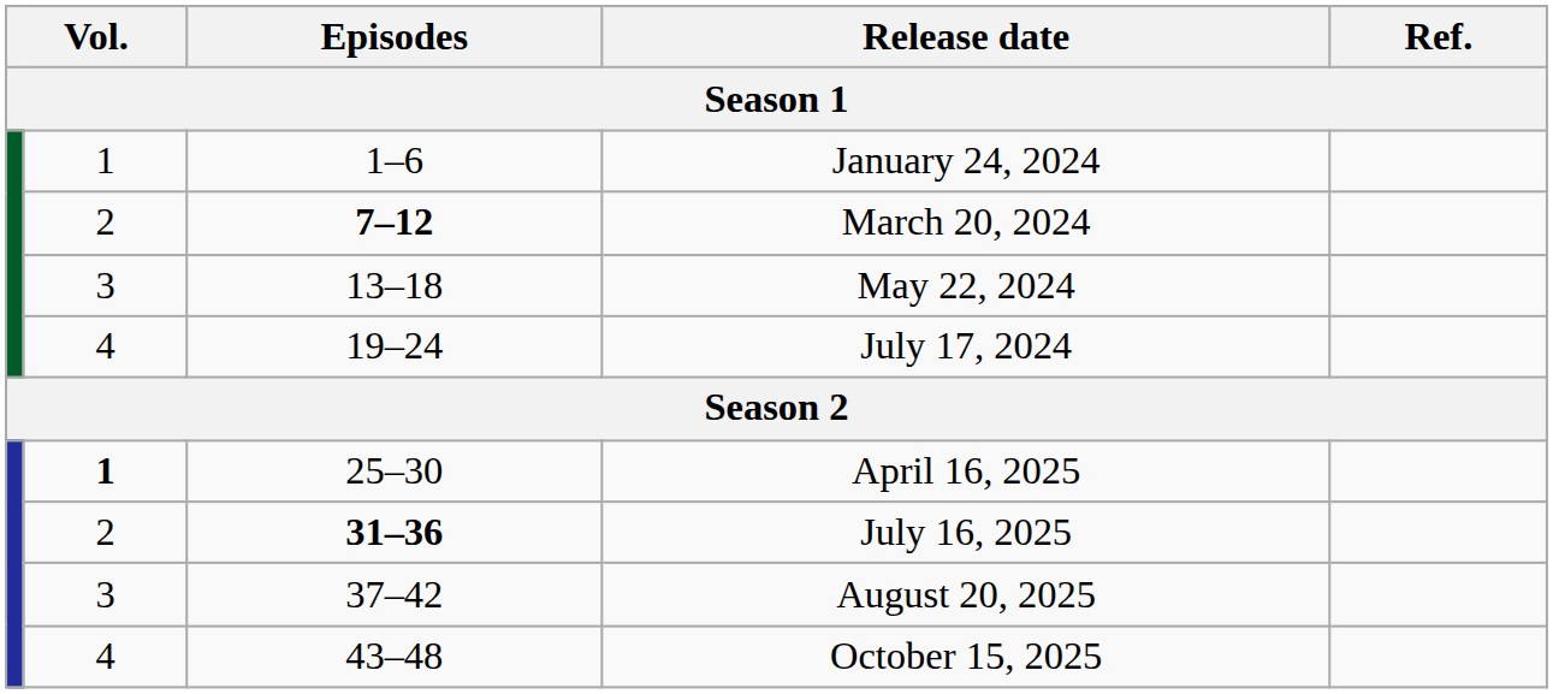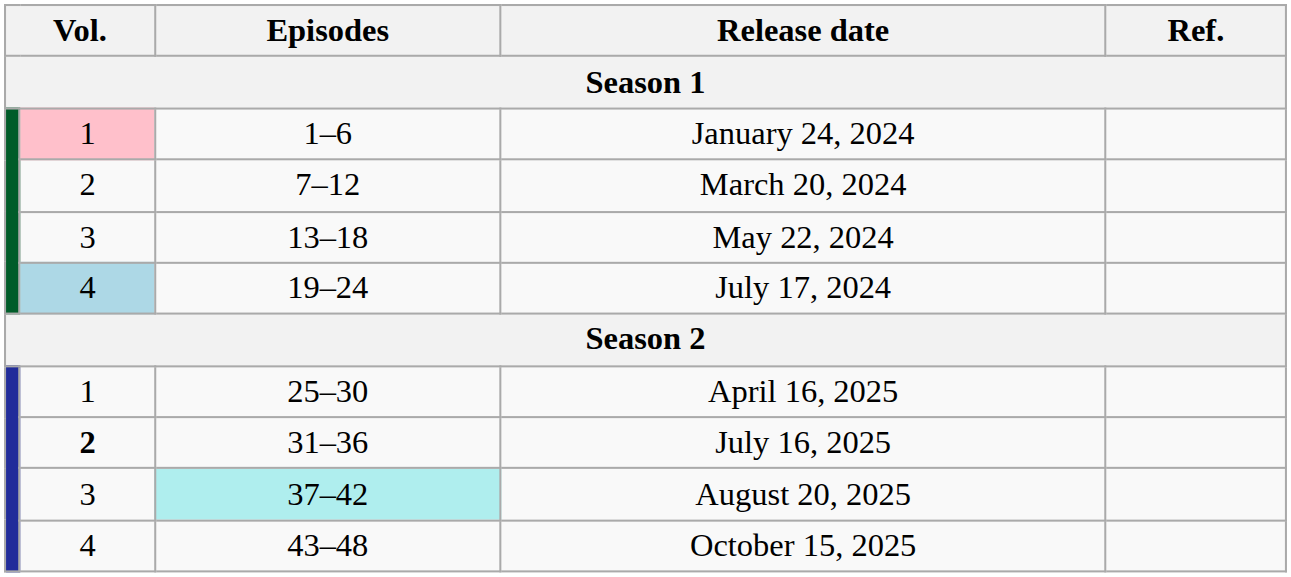 <table class="wikitable" style="text-align: center; width: 50%;">
 <tr>
 <th colspan="2">Vol.</th>
 <th>Episodes</th>
 <th>Release date</th>
 <th>Ref.</th>
 </tr>
 <tr>
 <th colspan="5">Season 1</th>
 </tr>
 <tr>
 <td rowspan="4" width="1%" style="background: #005C29;"></td>
-<td>1</td>
+<td style="background: pink;">1</td>
 <td>1–6</td>
 <td>January 24, 2024</td>
 <td></td>
 </tr>
 <tr>
 <td>2</td>
-<td><strong>7–12</strong></td>
+<td>7–12</td>
 <td>March 20, 2024</td>
 <td></td>
 </tr>
 <tr>
 <td>3</td>
 <td>13–18</td>
 <td>May 22, 2024</td>
 <td></td>
 </tr>
 <tr>
-<td>4</td>
+<td style="background: lightblue;">4</td>
 <td>19–24</td>
 <td>July 17, 2024</td>
 <td></td>
 </tr>
 <tr>
 <th colspan="5">Season 2</th>
 </tr>
 <tr>
 <td rowspan="4" width="1%" style="background: #212C9A;"></td>
-<td><strong>1</strong></td>
+<td>1</td>
 <td>25–30</td>
 <td>April 16, 2025</td>
 <td></td>
 </tr>
 <tr>
-<td>2</td>
-<td><strong>31–36</strong></td>
+<td><strong>2</strong></td>
+<td>31–36</td>
 <td>July 16, 2025</td>
 <td></td>
 </tr>
 <tr>
 <td>3</td>
-<td>37–42</td>
+<td style="background: paleturquoise;">37–42</td>
 <td>August 20, 2025</td>
 <td></td>
 </tr>
 <tr>
 <td>4</td>
 <td>43–48</td>
 <td>October 15, 2025</td>
 <td></td>
 </tr>
 </table>
